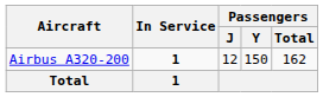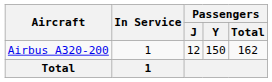 <table class="wikitable" style="margin:0.5em auto; text-align:center">
 <tr>
 <th rowspan="2">Aircraft</th>
 <th rowspan="2">In Service</th>
 <th colspan="3">Passengers</th>
 </tr>
 <tr>
 <th><abbr>J</abbr></th>
 <th><abbr>Y</abbr></th>
 <th>Total</th>
 </tr>
 <tr>
 <td><a href='#'>Airbus A320-200</a></td>
-<td><strong>1</strong></td>
+<td>1</td>
 <td>12</td>
 <td>150</td>
 <td>162</td>
 </tr>
 <tr>
 <th>Total</th>
 <th>1</th>
 <th colspan="3"></th>
 </tr>
 </table>
